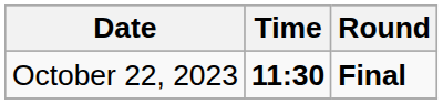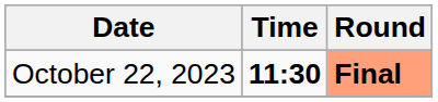 <table class="wikitable">
 <tr>
 <th>Date</th>
 <th>Time</th>
 <th>Round</th>
 </tr>
 <tr>
 <td>October 22, 2023</td>
 <td><strong>11:30</strong></td>
-<td><strong>Final</strong></td>
+<td style="background: lightsalmon;"><strong>Final</strong></td>
 </tr>
 <tr>
 </tr>
 </table>
